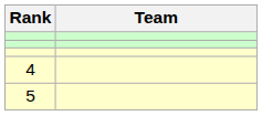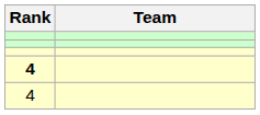 <table class="wikitable" style="text-align: center;">
 <tr>
 <th width=40>Rank</th>
 <th width=180>Team</th>
 </tr>
 <tr bgcolor=#ccffcc>
 <td></td>
 <td align=left></td>
 </tr>
 <tr bgcolor=#ccffcc>
 <td></td>
 <td align=left></td>
 </tr>
 <tr bgcolor=#ffffcc>
 <td></td>
 <td align=left></td>
 </tr>
 <tr bgcolor=#ffffcc>
+<td><strong>4</strong></td>
+<td align=left></td>
+</tr>
+<tr bgcolor=#ffffcc>
 <td>4</td>
 <td align=left></td>
 </tr>
-<tr bgcolor=#ffffcc>
-<td>5</td>
-<td align=left></td>
-</tr>
 </table>
